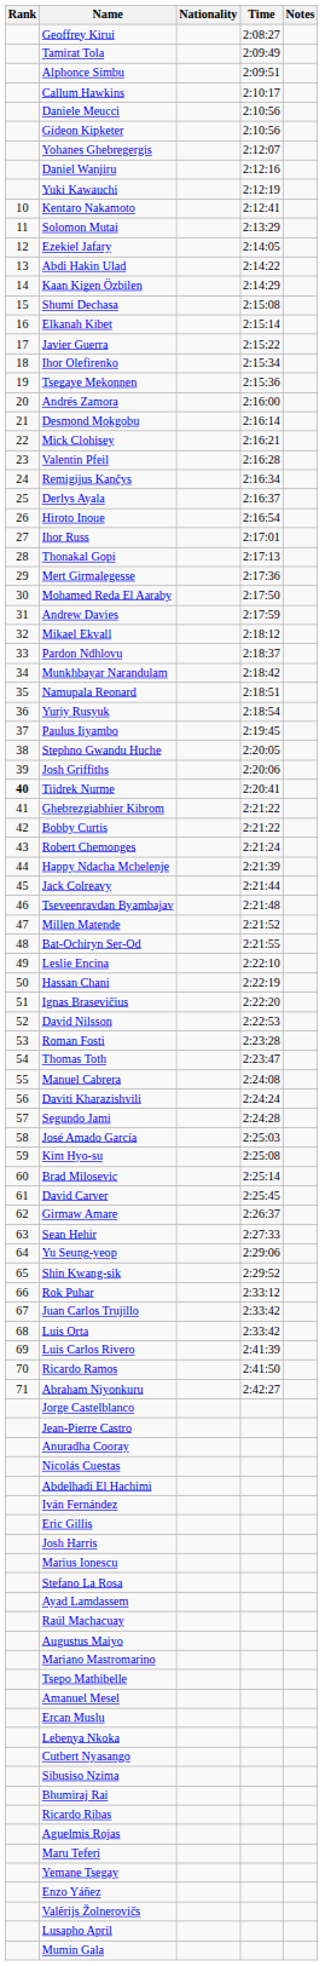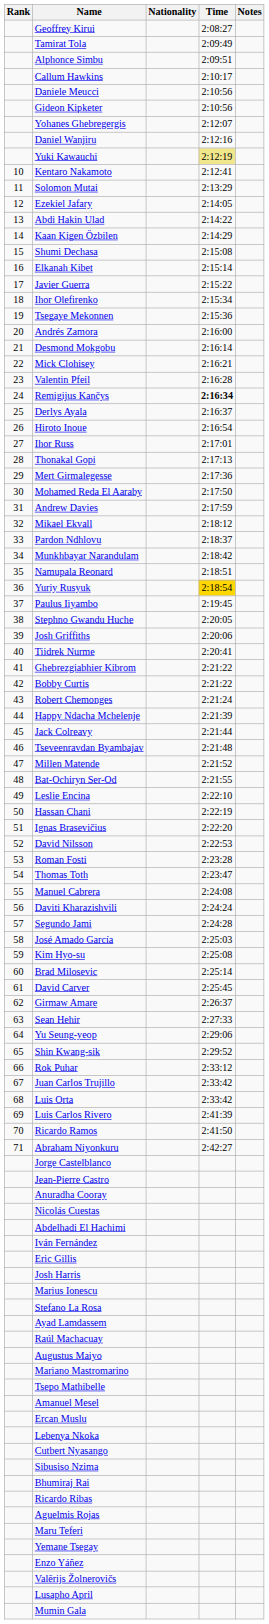 <table class="wikitable sortable" style="text-align:center">
 <tr>
 <th>Rank</th>
 <th>Name</th>
 <th>Nationality</th>
 <th>Time</th>
 <th>Notes</th>
 </tr>
 <tr>
 <td></td>
 <td align=left><a href='#'>Geoffrey Kirui</a></td>
 <td align=left></td>
 <td>2:08:27</td>
 <td></td>
 </tr>
 <tr>
 <td></td>
 <td align=left><a href='#'>Tamirat Tola</a></td>
 <td align=left></td>
 <td>2:09:49</td>
 <td></td>
 </tr>
 <tr>
 <td></td>
 <td align=left><a href='#'>Alphonce Simbu</a></td>
 <td align=left></td>
 <td>2:09:51</td>
 <td></td>
 </tr>
 <tr>
 <td></td>
 <td align=left><a href='#'>Callum Hawkins</a></td>
 <td align=left></td>
 <td>2:10:17</td>
 <td></td>
 </tr>
 <tr>
 <td></td>
 <td align=left><a href='#'>Daniele Meucci</a></td>
 <td align=left></td>
 <td>2:10:56</td>
 <td></td>
 </tr>
 <tr>
 <td></td>
 <td align=left><a href='#'>Gideon Kipketer</a></td>
 <td align=left></td>
 <td>2:10:56</td>
 <td></td>
 </tr>
 <tr>
 <td></td>
 <td align=left><a href='#'>Yohanes Ghebregergis</a></td>
 <td align=left></td>
 <td>2:12:07</td>
 <td></td>
 </tr>
 <tr>
 <td></td>
 <td align=left><a href='#'>Daniel Wanjiru</a></td>
 <td align=left></td>
 <td>2:12:16</td>
 <td></td>
 </tr>
 <tr>
 <td></td>
 <td align=left><a href='#'>Yuki Kawauchi</a></td>
 <td align=left></td>
-<td>2:12:19</td>
+<td style="background: khaki;">2:12:19</td>
 <td></td>
 </tr>
 <tr>
 <td>10</td>
 <td align=left><a href='#'>Kentaro Nakamoto</a></td>
 <td align=left></td>
 <td>2:12:41</td>
 <td></td>
 </tr>
 <tr>
 <td>11</td>
 <td align=left><a href='#'>Solomon Mutai</a></td>
 <td align=left></td>
 <td>2:13:29</td>
 <td></td>
 </tr>
 <tr>
 <td>12</td>
 <td align=left><a href='#'>Ezekiel Jafary</a></td>
 <td align=left></td>
 <td>2:14:05</td>
 <td></td>
 </tr>
 <tr>
 <td>13</td>
 <td align=left><a href='#'>Abdi Hakin Ulad</a></td>
 <td align=left></td>
 <td>2:14:22</td>
 <td></td>
 </tr>
 <tr>
 <td>14</td>
 <td align=left><a href='#'>Kaan Kigen Özbilen</a></td>
 <td align=left></td>
 <td>2:14:29</td>
 <td></td>
 </tr>
 <tr>
 <td>15</td>
 <td align=left><a href='#'>Shumi Dechasa</a></td>
 <td align=left></td>
 <td>2:15:08</td>
 <td></td>
 </tr>
 <tr>
 <td>16</td>
 <td align=left><a href='#'>Elkanah Kibet</a></td>
 <td align=left></td>
 <td>2:15:14</td>
 <td></td>
 </tr>
 <tr>
 <td>17</td>
 <td align=left><a href='#'>Javier Guerra</a></td>
 <td align=left></td>
 <td>2:15:22</td>
 <td></td>
 </tr>
 <tr>
 <td>18</td>
 <td align=left><a href='#'>Ihor Olefirenko</a></td>
 <td align=left></td>
 <td>2:15:34</td>
 <td></td>
 </tr>
 <tr>
 <td>19</td>
 <td align=left><a href='#'>Tsegaye Mekonnen</a></td>
 <td align=left></td>
 <td>2:15:36</td>
 <td></td>
 </tr>
 <tr>
 <td>20</td>
 <td align=left><a href='#'>Andrés Zamora</a></td>
 <td align=left></td>
 <td>2:16:00</td>
 <td></td>
 </tr>
 <tr>
 <td>21</td>
 <td align=left><a href='#'>Desmond Mokgobu</a></td>
 <td align=left></td>
 <td>2:16:14</td>
 <td></td>
 </tr>
 <tr>
 <td>22</td>
 <td align=left><a href='#'>Mick Clohisey</a></td>
 <td align=left></td>
 <td>2:16:21</td>
 <td></td>
 </tr>
 <tr>
 <td>23</td>
 <td align=left><a href='#'>Valentin Pfeil</a></td>
 <td align=left></td>
 <td>2:16:28</td>
 <td></td>
 </tr>
 <tr>
 <td>24</td>
 <td align=left><a href='#'>Remigijus Kančys</a></td>
 <td align=left></td>
-<td>2:16:34</td>
+<td><strong>2:16:34</strong></td>
 <td></td>
 </tr>
 <tr>
 <td>25</td>
 <td align=left><a href='#'>Derlys Ayala</a></td>
 <td align=left></td>
 <td>2:16:37</td>
 <td></td>
 </tr>
 <tr>
 <td>26</td>
 <td align=left><a href='#'>Hiroto Inoue</a></td>
 <td align=left></td>
 <td>2:16:54</td>
 <td></td>
 </tr>
 <tr>
 <td>27</td>
 <td align=left><a href='#'>Ihor Russ</a></td>
 <td align=left></td>
 <td>2:17:01</td>
 <td></td>
 </tr>
 <tr>
 <td>28</td>
 <td align=left><a href='#'>Thonakal Gopi</a></td>
 <td align=left></td>
 <td>2:17:13</td>
 <td></td>
 </tr>
 <tr>
 <td>29</td>
 <td align=left><a href='#'>Mert Girmalegesse</a></td>
 <td align=left></td>
 <td>2:17:36</td>
 <td></td>
 </tr>
 <tr>
 <td>30</td>
 <td align=left><a href='#'>Mohamed Reda El Aaraby</a></td>
 <td align=left></td>
 <td>2:17:50</td>
 <td></td>
 </tr>
 <tr>
 <td>31</td>
 <td align=left><a href='#'>Andrew Davies</a></td>
 <td align=left></td>
 <td>2:17:59</td>
 <td></td>
 </tr>
 <tr>
 <td>32</td>
 <td align=left><a href='#'>Mikael Ekvall</a></td>
 <td align=left></td>
 <td>2:18:12</td>
 <td></td>
 </tr>
 <tr>
 <td>33</td>
 <td align=left><a href='#'>Pardon Ndhlovu</a></td>
 <td align=left></td>
 <td>2:18:37</td>
 <td></td>
 </tr>
 <tr>
 <td>34</td>
 <td align=left><a href='#'>Munkhbayar Narandulam</a></td>
 <td align=left></td>
 <td>2:18:42</td>
 <td></td>
 </tr>
 <tr>
 <td>35</td>
 <td align=left><a href='#'>Namupala Reonard</a></td>
 <td align=left></td>
 <td>2:18:51</td>
 <td></td>
 </tr>
 <tr>
 <td>36</td>
 <td align=left><a href='#'>Yuriy Rusyuk</a></td>
 <td align=left></td>
-<td>2:18:54</td>
+<td style="background: gold;">2:18:54</td>
 <td></td>
 </tr>
 <tr>
 <td>37</td>
 <td align=left><a href='#'>Paulus Iiyambo</a></td>
 <td align=left></td>
 <td>2:19:45</td>
 <td></td>
 </tr>
 <tr>
 <td>38</td>
 <td align=left><a href='#'>Stephno Gwandu Huche</a></td>
 <td align=left></td>
 <td>2:20:05</td>
 <td></td>
 </tr>
 <tr>
 <td>39</td>
 <td align=left><a href='#'>Josh Griffiths</a></td>
 <td align=left></td>
 <td>2:20:06</td>
 <td></td>
 </tr>
 <tr>
-<td><strong>40</strong></td>
+<td>40</td>
 <td align=left><a href='#'>Tiidrek Nurme</a></td>
 <td align=left></td>
 <td>2:20:41</td>
 <td></td>
 </tr>
 <tr>
 <td>41</td>
 <td align=left><a href='#'>Ghebrezgiabhier Kibrom</a></td>
 <td align=left></td>
 <td>2:21:22</td>
 <td></td>
 </tr>
 <tr>
 <td>42</td>
 <td align=left><a href='#'>Bobby Curtis</a></td>
 <td align=left></td>
 <td>2:21:22</td>
 <td></td>
 </tr>
 <tr>
 <td>43</td>
 <td align=left><a href='#'>Robert Chemonges</a></td>
 <td align=left></td>
 <td>2:21:24</td>
 <td></td>
 </tr>
 <tr>
 <td>44</td>
 <td align=left><a href='#'>Happy Ndacha Mchelenje</a></td>
 <td align=left></td>
 <td>2:21:39</td>
 <td></td>
 </tr>
 <tr>
 <td>45</td>
 <td align=left><a href='#'>Jack Colreavy</a></td>
 <td align=left></td>
 <td>2:21:44</td>
 <td></td>
 </tr>
 <tr>
 <td>46</td>
 <td align=left><a href='#'>Tseveenravdan Byambajav</a></td>
 <td align=left></td>
 <td>2:21:48</td>
 <td></td>
 </tr>
 <tr>
 <td>47</td>
 <td align=left><a href='#'>Millen Matende</a></td>
 <td align=left></td>
 <td>2:21:52</td>
 <td></td>
 </tr>
 <tr>
 <td>48</td>
 <td align=left><a href='#'>Bat-Ochiryn Ser-Od</a></td>
 <td align=left></td>
 <td>2:21:55</td>
 <td></td>
 </tr>
 <tr>
 <td>49</td>
 <td align=left><a href='#'>Leslie Encina</a></td>
 <td align=left></td>
 <td>2:22:10</td>
 <td></td>
 </tr>
 <tr>
 <td>50</td>
 <td align=left><a href='#'>Hassan Chani</a></td>
 <td align=left></td>
 <td>2:22:19</td>
 <td></td>
 </tr>
 <tr>
 <td>51</td>
 <td align=left><a href='#'>Ignas Brasevičius</a></td>
 <td align=left></td>
 <td>2:22:20</td>
 <td></td>
 </tr>
 <tr>
 <td>52</td>
 <td align=left><a href='#'>David Nilsson</a></td>
 <td align=left></td>
 <td>2:22:53</td>
 <td></td>
 </tr>
 <tr>
 <td>53</td>
 <td align=left><a href='#'>Roman Fosti</a></td>
 <td align=left></td>
 <td>2:23:28</td>
 <td></td>
 </tr>
 <tr>
 <td>54</td>
 <td align=left><a href='#'>Thomas Toth</a></td>
 <td align=left></td>
 <td>2:23:47</td>
 <td></td>
 </tr>
 <tr>
 <td>55</td>
 <td align=left><a href='#'>Manuel Cabrera</a></td>
 <td align=left></td>
 <td>2:24:08</td>
 <td></td>
 </tr>
 <tr>
 <td>56</td>
 <td align=left><a href='#'>Daviti Kharazishvili</a></td>
 <td align=left></td>
 <td>2:24:24</td>
 <td></td>
 </tr>
 <tr>
 <td>57</td>
 <td align=left><a href='#'>Segundo Jami</a></td>
 <td align=left></td>
 <td>2:24:28</td>
 <td></td>
 </tr>
 <tr>
 <td>58</td>
 <td align=left><a href='#'>José Amado García</a></td>
 <td align=left></td>
 <td>2:25:03</td>
 <td></td>
 </tr>
 <tr>
 <td>59</td>
 <td align=left><a href='#'>Kim Hyo-su</a></td>
 <td align=left></td>
 <td>2:25:08</td>
 <td></td>
 </tr>
 <tr>
 <td>60</td>
 <td align=left><a href='#'>Brad Milosevic</a></td>
 <td align=left></td>
 <td>2:25:14</td>
 <td></td>
 </tr>
 <tr>
 <td>61</td>
 <td align=left><a href='#'>David Carver</a></td>
 <td align=left></td>
 <td>2:25:45</td>
 <td></td>
 </tr>
 <tr>
 <td>62</td>
 <td align=left><a href='#'>Girmaw Amare</a></td>
 <td align=left></td>
 <td>2:26:37</td>
 <td></td>
 </tr>
 <tr>
 <td>63</td>
 <td align=left><a href='#'>Sean Hehir</a></td>
 <td align=left></td>
 <td>2:27:33</td>
 <td></td>
 </tr>
 <tr>
 <td>64</td>
 <td align=left><a href='#'>Yu Seung-yeop</a></td>
 <td align=left></td>
 <td>2:29:06</td>
 <td></td>
 </tr>
 <tr>
 <td>65</td>
 <td align=left><a href='#'>Shin Kwang-sik</a></td>
 <td align=left></td>
 <td>2:29:52</td>
 <td></td>
 </tr>
 <tr>
 <td>66</td>
 <td align=left><a href='#'>Rok Puhar</a></td>
 <td align=left></td>
 <td>2:33:12</td>
 <td></td>
 </tr>
 <tr>
 <td>67</td>
 <td align=left><a href='#'>Juan Carlos Trujillo</a></td>
 <td align=left></td>
 <td>2:33:42</td>
 <td></td>
 </tr>
 <tr>
 <td>68</td>
 <td align=left><a href='#'>Luis Orta</a></td>
 <td align=left></td>
 <td>2:33:42</td>
 <td></td>
 </tr>
 <tr>
 <td>69</td>
 <td align=left><a href='#'>Luis Carlos Rivero</a></td>
 <td align=left></td>
 <td>2:41:39</td>
 <td></td>
 </tr>
 <tr>
 <td>70</td>
 <td align=left><a href='#'>Ricardo Ramos</a></td>
 <td align=left></td>
 <td>2:41:50</td>
 <td></td>
 </tr>
 <tr>
 <td>71</td>
 <td align=left><a href='#'>Abraham Niyonkuru</a></td>
 <td align=left></td>
 <td>2:42:27</td>
 <td></td>
 </tr>
 <tr>
 <td></td>
 <td align=left><a href='#'>Jorge Castelblanco</a></td>
 <td align=left></td>
 <td></td>
 <td></td>
 </tr>
 <tr>
 <td></td>
 <td align=left><a href='#'>Jean-Pierre Castro</a></td>
 <td align=left></td>
 <td></td>
 <td></td>
 </tr>
 <tr>
 <td></td>
 <td align=left><a href='#'>Anuradha Cooray</a></td>
 <td align=left></td>
 <td></td>
 <td></td>
 </tr>
 <tr>
 <td></td>
 <td align=left><a href='#'>Nicolás Cuestas</a></td>
 <td align=left></td>
 <td></td>
 <td></td>
 </tr>
 <tr>
 <td></td>
 <td align=left><a href='#'>Abdelhadi El Hachimi</a></td>
 <td align=left></td>
 <td></td>
 <td></td>
 </tr>
 <tr>
 <td></td>
 <td align=left><a href='#'>Iván Fernández</a></td>
 <td align=left></td>
 <td></td>
 <td></td>
 </tr>
 <tr>
 <td></td>
 <td align=left><a href='#'>Eric Gillis</a></td>
 <td align=left></td>
 <td></td>
 <td></td>
 </tr>
 <tr>
 <td></td>
 <td align=left><a href='#'>Josh Harris</a></td>
 <td align=left></td>
 <td></td>
 <td></td>
 </tr>
 <tr>
 <td></td>
 <td align=left><a href='#'>Marius Ionescu</a></td>
 <td align=left></td>
 <td></td>
 <td></td>
 </tr>
 <tr>
 <td></td>
 <td align=left><a href='#'>Stefano La Rosa</a></td>
 <td align=left></td>
 <td></td>
 <td></td>
 </tr>
 <tr>
 <td></td>
 <td align=left><a href='#'>Ayad Lamdassem</a></td>
 <td align=left></td>
 <td></td>
 <td></td>
 </tr>
 <tr>
 <td></td>
 <td align=left><a href='#'>Raúl Machacuay</a></td>
 <td align=left></td>
 <td></td>
 <td></td>
 </tr>
 <tr>
 <td></td>
 <td align=left><a href='#'>Augustus Maiyo</a></td>
 <td align=left></td>
 <td></td>
 <td></td>
 </tr>
 <tr>
 <td></td>
 <td align=left><a href='#'>Mariano Mastromarino</a></td>
 <td align=left></td>
 <td></td>
 <td></td>
 </tr>
 <tr>
 <td></td>
 <td align=left><a href='#'>Tsepo Mathibelle</a></td>
 <td align=left></td>
 <td></td>
 <td></td>
 </tr>
 <tr>
 <td></td>
 <td align=left><a href='#'>Amanuel Mesel</a></td>
 <td align=left></td>
 <td></td>
 <td></td>
 </tr>
 <tr>
 <td></td>
 <td align=left><a href='#'>Ercan Muslu</a></td>
 <td align=left></td>
 <td></td>
 <td></td>
 </tr>
 <tr>
 <td></td>
 <td align=left><a href='#'>Lebenya Nkoka</a></td>
 <td align=left></td>
 <td></td>
 <td></td>
 </tr>
 <tr>
 <td></td>
 <td align=left><a href='#'>Cutbert Nyasango</a></td>
 <td align=left></td>
 <td></td>
 <td></td>
 </tr>
 <tr>
 <td></td>
 <td align=left><a href='#'>Sibusiso Nzima</a></td>
 <td align=left></td>
 <td></td>
 <td></td>
 </tr>
 <tr>
 <td></td>
 <td align=left><a href='#'>Bhumiraj Rai</a></td>
 <td align=left></td>
 <td></td>
 <td></td>
 </tr>
 <tr>
 <td></td>
 <td align=left><a href='#'>Ricardo Ribas</a></td>
 <td align=left></td>
 <td></td>
 <td></td>
 </tr>
 <tr>
 <td></td>
 <td align=left><a href='#'>Aguelmis Rojas</a></td>
 <td align=left></td>
 <td></td>
 <td></td>
 </tr>
 <tr>
 <td></td>
 <td align=left><a href='#'>Maru Teferi</a></td>
 <td align=left></td>
 <td></td>
 <td></td>
 </tr>
 <tr>
 <td></td>
 <td align=left><a href='#'>Yemane Tsegay</a></td>
 <td align=left></td>
 <td></td>
 <td></td>
 </tr>
 <tr>
 <td></td>
 <td align=left><a href='#'>Enzo Yáñez</a></td>
 <td align=left></td>
 <td></td>
 <td></td>
 </tr>
 <tr>
 <td></td>
 <td align=left><a href='#'>Valērijs Žolnerovičs</a></td>
 <td align=left></td>
 <td></td>
 <td></td>
 </tr>
 <tr>
 <td></td>
 <td align=left><a href='#'>Lusapho April</a></td>
 <td align=left></td>
 <td></td>
 <td></td>
 </tr>
 <tr>
 <td></td>
 <td align=left><a href='#'>Mumin Gala</a></td>
 <td align=left></td>
 <td></td>
 <td></td>
 </tr>
 </table>
